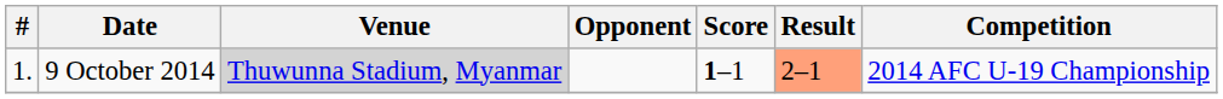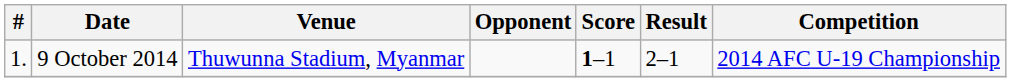 <table class="wikitable">
 <tr>
 <th>#</th>
 <th>Date</th>
 <th>Venue</th>
 <th>Opponent</th>
 <th>Score</th>
 <th>Result</th>
 <th>Competition</th>
 </tr>
 <tr>
 <td>1.</td>
 <td>9 October 2014</td>
-<td style="background: lightgrey;"><a href='#'>Thuwunna Stadium</a>, <a href='#'>Myanmar</a></td>
+<td><a href='#'>Thuwunna Stadium</a>, <a href='#'>Myanmar</a></td>
 <td></td>
 <td><strong>1</strong>–1</td>
-<td style="background: lightsalmon;">2–1</td>
+<td>2–1</td>
 <td><a href='#'>2014 AFC U-19 Championship</a></td>
 </tr>
 <tr>
 </tr>
 </table>
